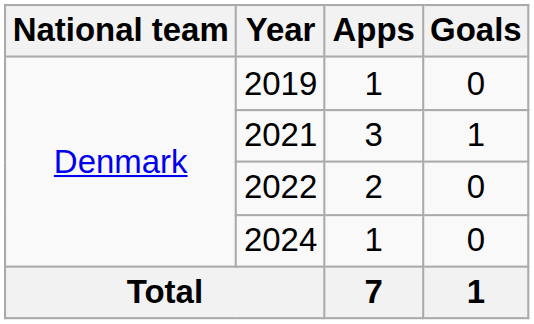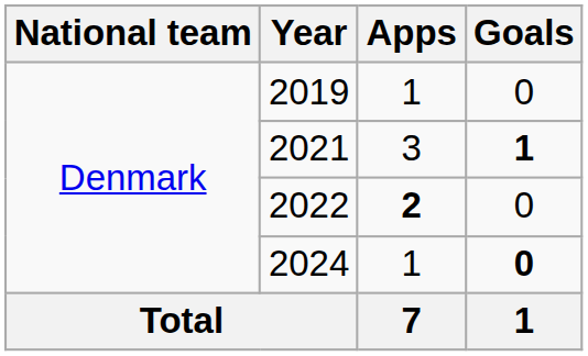 <table class=wikitable style=text-align:center>
 <tr>
 <th>National team</th>
 <th>Year</th>
 <th>Apps</th>
 <th>Goals</th>
 </tr>
 <tr>
 <td rowspan="4"><a href='#'>Denmark</a></td>
 <td>2019</td>
 <td>1</td>
 <td>0</td>
 </tr>
 <tr>
 <td>2021</td>
 <td>3</td>
-<td>1</td>
+<td><strong>1</strong></td>
 </tr>
 <tr>
 <td>2022</td>
-<td>2</td>
+<td><strong>2</strong></td>
 <td>0</td>
 </tr>
 <tr>
 <td>2024</td>
 <td>1</td>
-<td>0</td>
+<td><strong>0</strong></td>
 </tr>
 <tr>
 <th colspan=2>Total</th>
 <th>7</th>
 <th>1</th>
 </tr>
 </table>
